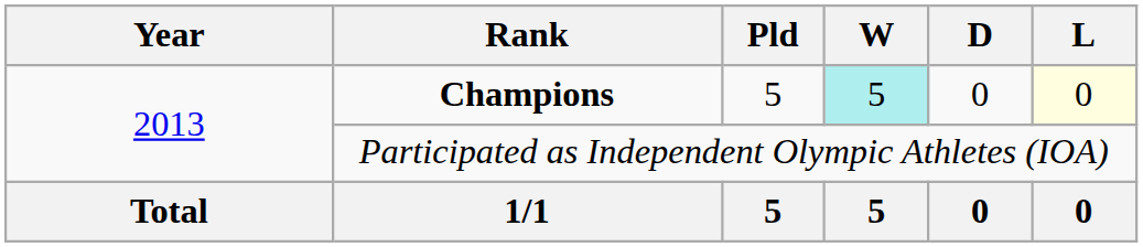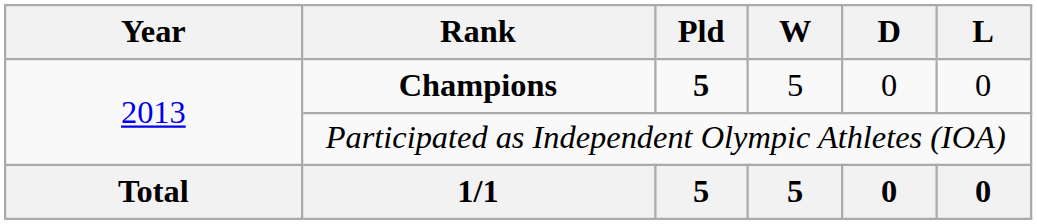 <table class="wikitable" style="text-align: center;font-size:90%;">
 <tr>
 <th width=125>Year</th>
 <th width=150>Rank</th>
 <th width=35>Pld</th>
 <th width=35>W</th>
 <th width=35>D</th>
 <th width=35>L</th>
 </tr>
 <tr>
 <td rowspan=2> <a href='#'>2013</a></td>
 <td><strong>Champions</strong></td>
+<td><strong>5</strong></td>
 <td>5</td>
-<td style="background: paleturquoise;">5</td>
 <td>0</td>
-<td style="background: lightyellow;">0</td>
+<td>0</td>
 </tr>
 <tr>
 <td colspan=5><em>Participated as  Independent Olympic Athletes (IOA)</em></td>
 </tr>
 <tr>
 <th>Total</th>
 <th>1/1</th>
 <th>5</th>
 <th>5</th>
 <th>0</th>
 <th>0</th>
 </tr>
 </table>
